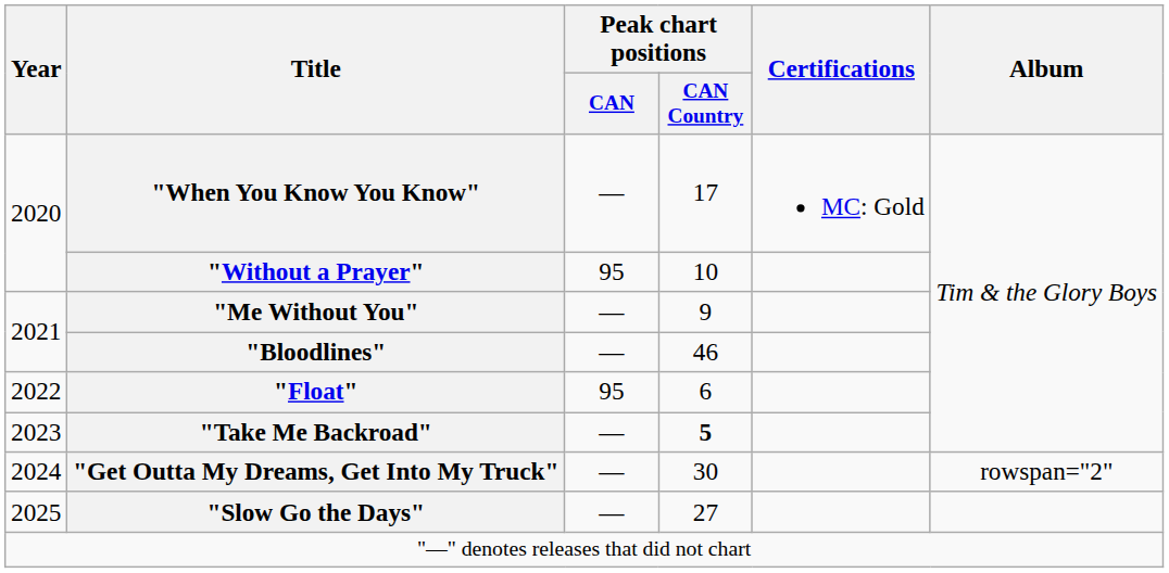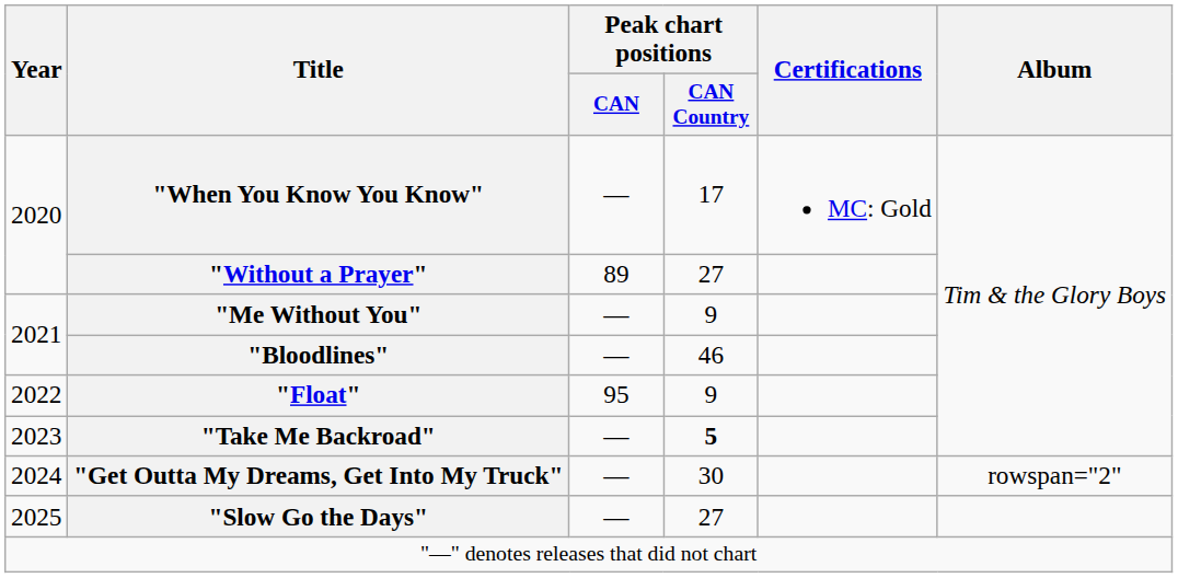 <table class="wikitable plainrowheaders" style="text-align:center;">
 <tr>
 <th scope="col" rowspan="2">Year</th>
 <th scope="col" rowspan="2">Title</th>
 <th scope="col" colspan="2">Peak chart positions</th>
 <th scope="col" rowspan="2"><a href='#'>Certifications</a></th>
 <th scope="col" rowspan="2">Album</th>
 </tr>
 <tr style="font-size:smaller;">
 <th scope="col" style="width:4em;"><a href='#'>CAN</a><br></th>
 <th scope="col" style="width:4em;"><a href='#'>CAN Country</a><br></th>
 </tr>
 <tr>
 <td rowspan="2">2020</td>
 <th scope="row">"When You Know You Know"</th>
 <td>—</td>
 <td>17</td>
 <td><br><ul><li><a href='#'>MC</a>: Gold</li></ul></td>
 <td align="left" rowspan="6"><em>Tim & the Glory Boys</em></td>
 </tr>
 <tr>
 <th scope="row">"<a href='#'>Without a Prayer</a>"</th>
-<td>95</td>
-<td>10</td>
+<td>89</td>
+<td>27</td>
 <td></td>
 </tr>
 <tr>
 <td rowspan="2">2021</td>
 <th scope="row">"Me Without You"</th>
 <td>—</td>
 <td>9</td>
 <td></td>
 </tr>
 <tr>
 <th scope="row">"Bloodlines"</th>
 <td>—</td>
 <td>46</td>
 <td></td>
 </tr>
 <tr>
 <td>2022</td>
 <th scope="row">"<a href='#'>Float</a>"</th>
 <td>95</td>
-<td>6</td>
+<td>9</td>
 <td></td>
 </tr>
 <tr>
 <td>2023</td>
 <th scope="row">"Take Me Backroad"<br> </th>
 <td>—</td>
 <td><strong>5</strong></td>
 <td></td>
 </tr>
 <tr>
 <td>2024</td>
 <th scope="row">"Get Outta My Dreams, Get Into My Truck"</th>
 <td>—</td>
 <td>30</td>
 <td></td>
 <td>rowspan="2" </td>
 </tr>
 <tr>
 <td>2025</td>
 <th scope="row">"Slow Go the Days"</th>
 <td>—</td>
 <td>27</td>
 <td></td>
 </tr>
 <tr>
 <td colspan="7" style="font-size:85%">"—" denotes releases that did not chart</td>
 </tr>
 </table>
